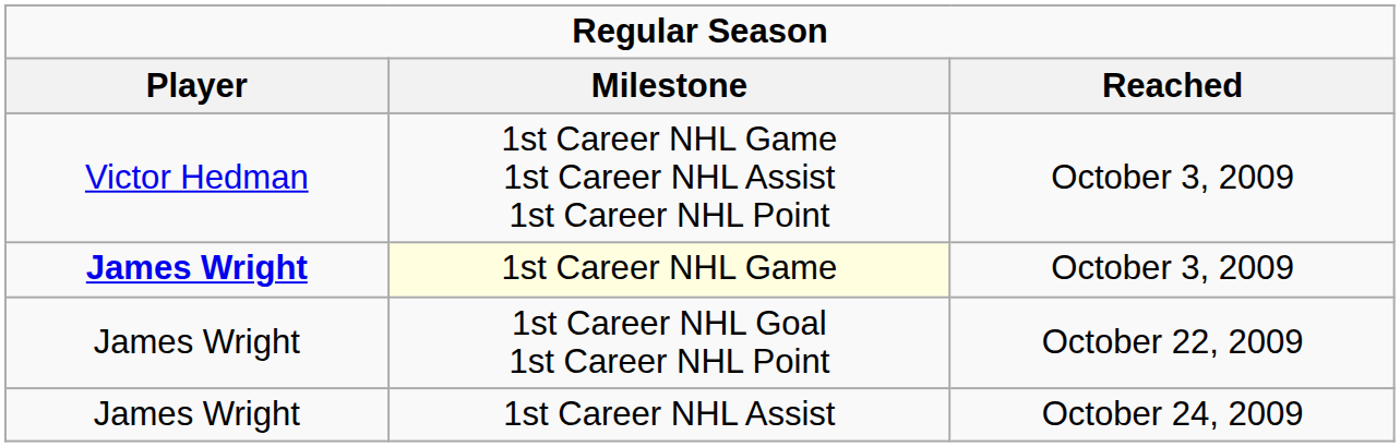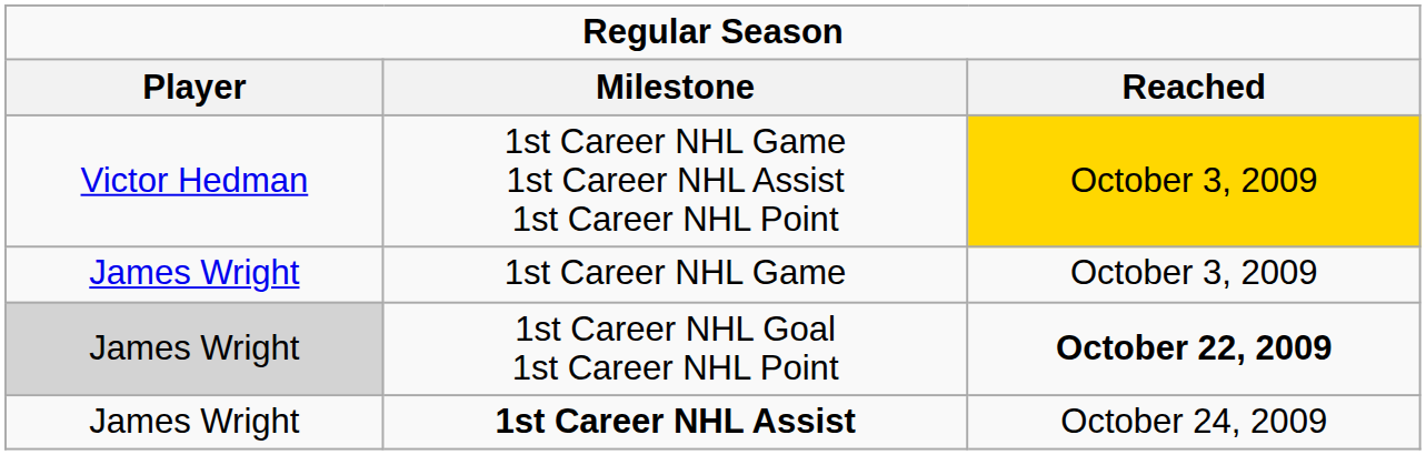 <table class="wikitable"  style="width:52%; text-align:center;">
 <tr>
 <td colspan="10" style="text-align:center;"><strong>Regular Season</strong></td>
 </tr>
 <tr>
 <th>Player</th>
 <th>Milestone</th>
 <th>Reached</th>
 </tr>
 <tr>
 <td><a href='#'>Victor Hedman</a></td>
 <td>1st Career NHL Game<br>1st Career NHL Assist<br>1st Career NHL Point</td>
+<td style="background: gold;">October 3, 2009</td>
+</tr>
+<tr>
+<td><a href='#'>James Wright</a></td>
+<td>1st Career NHL Game</td>
 <td>October 3, 2009</td>
 </tr>
 <tr>
-<td><strong><a href='#'>James Wright</a></strong></td>
-<td style="background: lightyellow;">1st Career NHL Game</td>
-<td>October 3, 2009</td>
+<td style="background: lightgrey;">James Wright</td>
+<td>1st Career NHL Goal<br>1st Career NHL Point</td>
+<td><strong>October 22, 2009</strong></td>
 </tr>
 <tr>
 <td>James Wright</td>
-<td>1st Career NHL Goal<br>1st Career NHL Point</td>
-<td>October 22, 2009</td>
-</tr>
-<tr>
-<td>James Wright</td>
-<td>1st Career NHL Assist</td>
+<td><strong>1st Career NHL Assist</strong></td>
 <td>October 24, 2009</td>
 </tr>
 </table>
